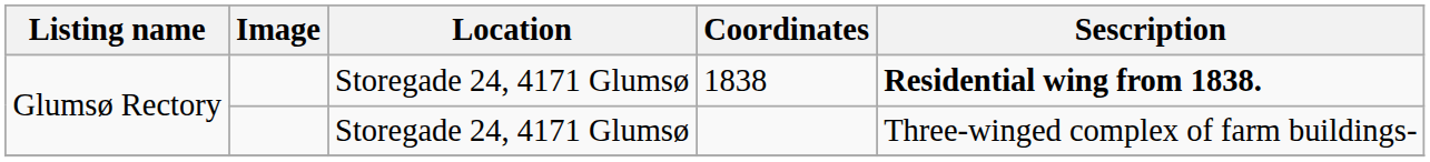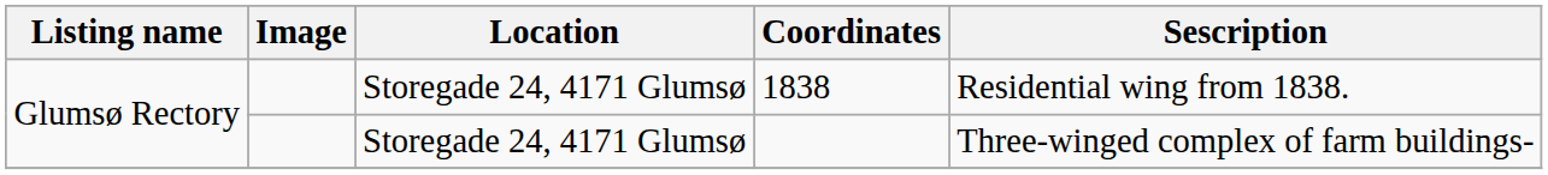 <table class="wikitable sortable">
 <tr>
 <th>Listing name</th>
 <th>Image</th>
 <th>Location</th>
 <th>Coordinates</th>
 <th>Sescription</th>
 </tr>
 <tr>
 <td rowspan="2">Glumsø Rectory</td>
 <td></td>
 <td>Storegade 24, 4171 Glumsø</td>
 <td>1838</td>
-<td><strong>Residential wing from 1838.</strong></td>
+<td>Residential wing from 1838.</td>
 </tr>
 <tr>
 <td></td>
 <td>Storegade 24, 4171 Glumsø</td>
 <td></td>
 <td>Three-winged complex of farm buildings-</td>
 </tr>
 <tr>
 </tr>
 </table>
